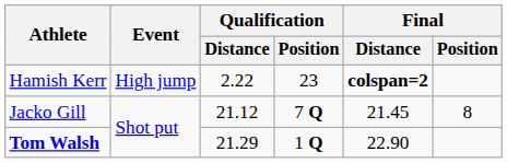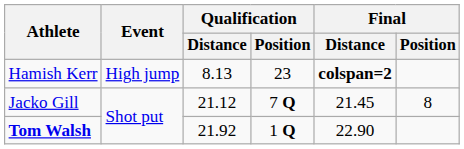 <table class=wikitable style=font-size:90%>
 <tr>
 <th rowspan=2>Athlete</th>
 <th rowspan=2>Event</th>
 <th colspan=2>Qualification</th>
 <th colspan=2>Final</th>
 </tr>
 <tr style=font-size:95%>
 <th>Distance</th>
 <th>Position</th>
 <th>Distance</th>
 <th>Position</th>
 </tr>
 <tr align=center>
 <td align=left><a href='#'>Hamish Kerr</a></td>
 <td align=left><a href='#'>High jump</a></td>
-<td>2.22</td>
+<td>8.13</td>
 <td>23</td>
 <td><strong>colspan=2 </strong></td>
 </tr>
 <tr align=center>
 <td align=left><a href='#'>Jacko Gill</a></td>
 <td align=left rowspan=2><a href='#'>Shot put</a></td>
 <td>21.12</td>
 <td>7 <strong>Q</strong></td>
 <td>21.45</td>
 <td>8</td>
 </tr>
 <tr align=center>
 <td align=left><strong><a href='#'>Tom Walsh</a></strong></td>
-<td>21.29</td>
+<td>21.92</td>
 <td>1 <strong>Q</strong></td>
 <td>22.90 <strong></strong></td>
 <td></td>
 </tr>
 </table>
